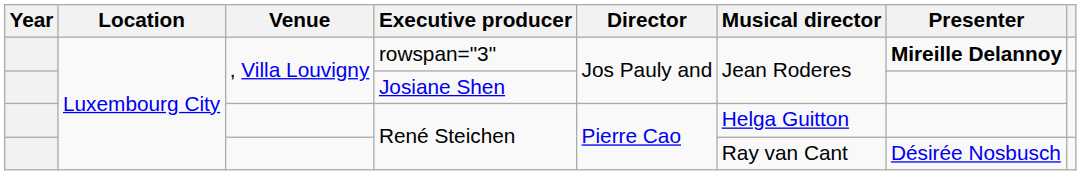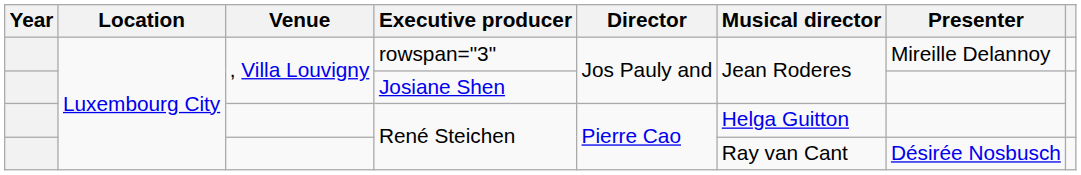 <table class="wikitable plainrowheaders">
 <tr>
 <th scope="col">Year</th>
 <th scope="col">Location</th>
 <th scope="col">Venue</th>
 <th scope="col">Executive producer</th>
 <th scope="col">Director</th>
 <th scope="col">Musical director</th>
 <th scope="col">Presenter</th>
 <th scope="col"></th>
 </tr>
 <tr>
 <th scope="row"></th>
 <td rowspan="4"><a href='#'>Luxembourg City</a></td>
 <td rowspan="2">, <a href='#'>Villa Louvigny</a></td>
 <td>rowspan="3" </td>
 <td rowspan="2">Jos Pauly and </td>
 <td rowspan="2">Jean Roderes</td>
-<td><strong>Mireille Delannoy</strong></td>
+<td>Mireille Delannoy</td>
 <td></td>
 </tr>
 <tr>
 <th scope="row"></th>
 <td><a href='#'>Josiane Shen</a></td>
 <td></td>
 </tr>
 <tr>
 <th scope="row"></th>
 <td></td>
 <td rowspan="2">René Steichen</td>
 <td rowspan="2"><a href='#'>Pierre Cao</a></td>
 <td><a href='#'>Helga Guitton</a></td>
 <td></td>
 </tr>
 <tr>
 <th scope="row"></th>
 <td></td>
 <td>Ray van Cant</td>
 <td><a href='#'>Désirée Nosbusch</a></td>
 <td></td>
 </tr>
 </table>
